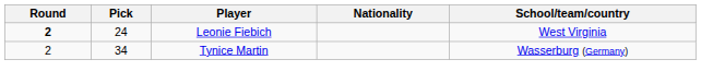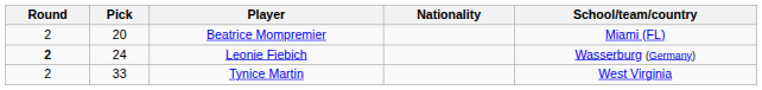 <table class="wikitable" style="text-align:center; width:60em">
 <tr>
 <th>Round</th>
 <th>Pick</th>
 <th>Player</th>
 <th>Nationality</th>
 <th>School/team/country</th>
 </tr>
 <tr>
+<td>2</td>
+<td>20</td>
+<td><a href='#'>Beatrice Mompremier</a></td>
+<td></td>
+<td><a href='#'>Miami (FL)</a></td>
+</tr>
+<tr>
 <td><strong>2</strong></td>
 <td>24</td>
 <td><a href='#'>Leonie Fiebich</a></td>
 <td></td>
-<td><a href='#'>West Virginia</a></td>
+<td><a href='#'>Wasserburg</a> <small>(<a href='#'>Germany</a>)</small></td>
 </tr>
 <tr>
 <td>2</td>
-<td>34</td>
+<td>33</td>
 <td><a href='#'>Tynice Martin</a></td>
 <td></td>
-<td><a href='#'>Wasserburg</a> <small>(<a href='#'>Germany</a>)</small></td>
+<td><a href='#'>West Virginia</a></td>
 </tr>
 </table>
